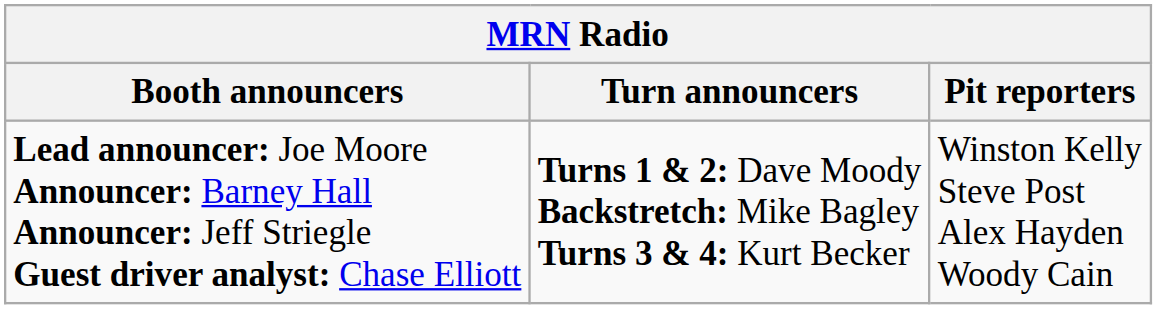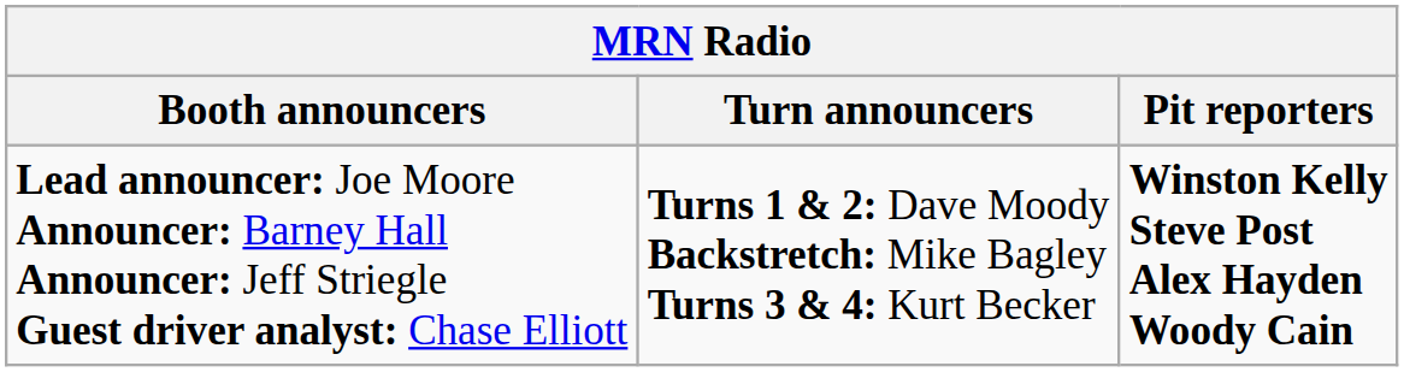 <table class="wikitable" style="font-size: 95%;">
 <tr>
 <th colspan="3"><a href='#'>MRN</a> Radio</th>
 </tr>
 <tr>
 <th>Booth announcers</th>
 <th>Turn announcers</th>
 <th>Pit reporters</th>
 </tr>
 <tr>
 <td><strong>Lead announcer:</strong> Joe Moore<br><strong>Announcer:</strong> <a href='#'>Barney Hall</a><br><strong>Announcer:</strong> Jeff Striegle <br><strong>Guest driver analyst:</strong> <a href='#'>Chase Elliott</a></td>
 <td><strong>Turns 1 & 2:</strong> Dave Moody<br><strong>Backstretch:</strong> Mike Bagley<br><strong>Turns 3 & 4:</strong> Kurt Becker</td>
-<td>Winston Kelly<br>Steve Post<br>Alex Hayden<br>Woody Cain</td>
+<td><strong>Winston Kelly<br>Steve Post<br>Alex Hayden<br>Woody Cain</strong></td>
 </tr>
 </table>
